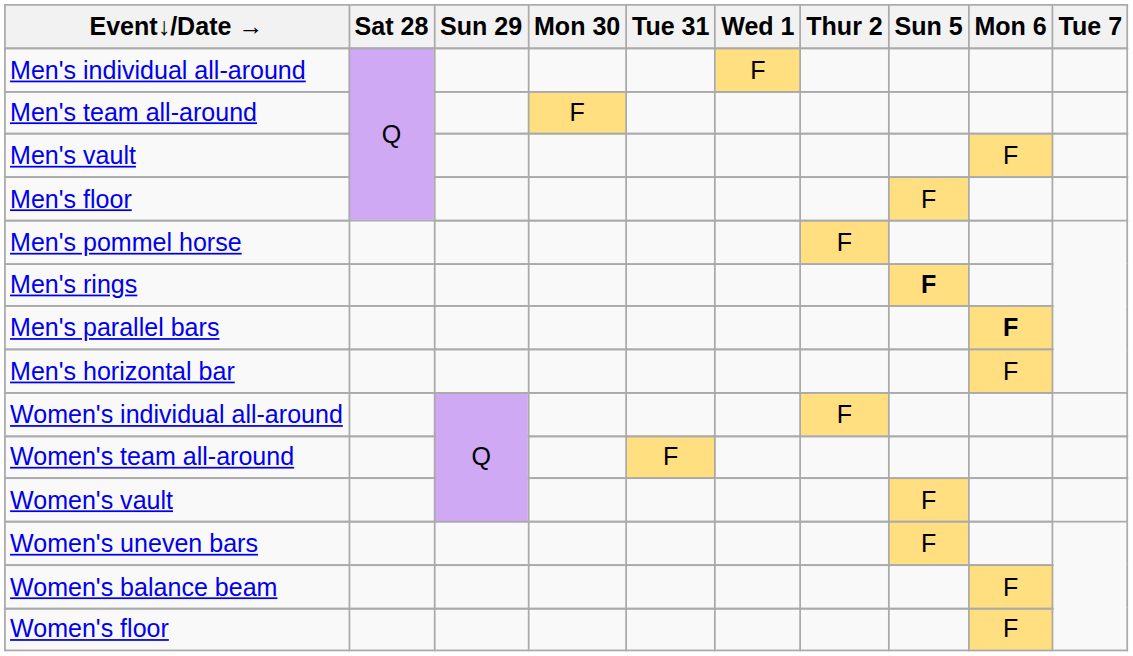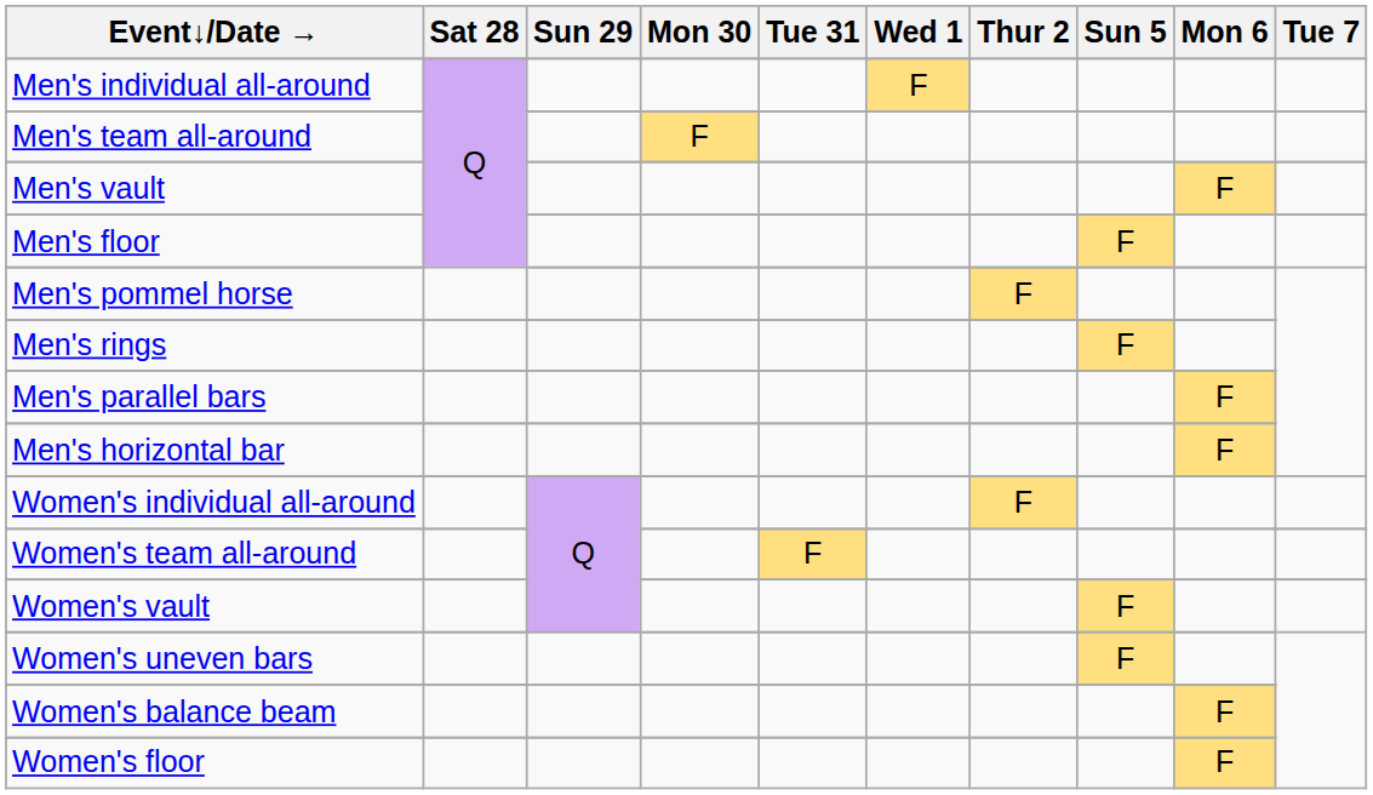 <table class="wikitable" style="margin:0.5em auto; font-size:90%; line-height:1.25em;">
 <tr align="center">
 <th>Event↓/Date →</th>
 <th>Sat 28</th>
 <th>Sun 29</th>
 <th>Mon 30</th>
 <th>Tue 31</th>
 <th>Wed 1</th>
 <th>Thur 2</th>
 <th>Sun 5</th>
 <th>Mon 6</th>
 <th>Tue 7</th>
 </tr>
 <tr>
 </tr>
 <tr align="center">
 <td align="left"><a href='#'>Men's individual all-around</a></td>
 <td rowspan=8 bgcolor="#D0A9F5">Q</td>
 <td></td>
 <td></td>
 <td></td>
 <td bgcolor="#FFDF80">F</td>
 <td></td>
 <td></td>
 <td></td>
 <td></td>
 </tr>
 <tr>
 </tr>
 <tr align="center">
 <td align="left"><a href='#'>Men's team all-around</a></td>
 <td></td>
 <td bgcolor="#FFDF80">F</td>
 <td></td>
 <td></td>
 <td></td>
 <td></td>
 <td></td>
 <td></td>
 </tr>
 <tr>
 </tr>
 <tr align="center">
 <td align="left"><a href='#'>Men's vault</a></td>
 <td></td>
 <td></td>
 <td></td>
 <td></td>
 <td></td>
 <td></td>
 <td bgcolor="#FFDF80">F</td>
 <td></td>
 </tr>
 <tr>
 </tr>
 <tr align="center">
 <td align="left"><a href='#'>Men's floor</a></td>
 <td></td>
 <td></td>
 <td></td>
 <td></td>
 <td></td>
 <td bgcolor="#FFDF80">F</td>
 <td></td>
 <td></td>
 </tr>
 <tr>
 </tr>
 <tr align="center">
 <td align="left"><a href='#'>Men's pommel horse</a></td>
 <td></td>
 <td></td>
 <td></td>
 <td></td>
 <td></td>
 <td bgcolor="#FFDF80">F</td>
 <td></td>
 <td></td>
 </tr>
 <tr>
 </tr>
 <tr align="center">
 <td align="left"><a href='#'>Men's rings</a></td>
 <td></td>
 <td></td>
 <td></td>
 <td></td>
 <td></td>
 <td></td>
-<td bgcolor="#FFDF80"><strong>F</strong></td>
+<td bgcolor="#FFDF80">F</td>
 <td></td>
 </tr>
 <tr>
 </tr>
 <tr align="center">
 <td align="left"><a href='#'>Men's parallel bars</a></td>
 <td></td>
 <td></td>
 <td></td>
 <td></td>
 <td></td>
 <td></td>
 <td></td>
-<td bgcolor="#FFDF80"><strong>F</strong></td>
+<td bgcolor="#FFDF80">F</td>
 </tr>
 <tr>
 </tr>
 <tr align="center">
 <td align="left"><a href='#'>Men's horizontal bar</a></td>
 <td></td>
 <td></td>
 <td></td>
 <td></td>
 <td></td>
 <td></td>
 <td></td>
 <td bgcolor="#FFDF80">F</td>
 </tr>
 <tr>
 </tr>
 <tr align="center">
 <td align="left"><a href='#'>Women's individual all-around</a></td>
 <td></td>
 <td rowspan=6 bgcolor="#D0A9F5">Q</td>
 <td></td>
 <td></td>
 <td></td>
 <td bgcolor="#FFDF80">F</td>
 <td></td>
 <td></td>
 <td></td>
 </tr>
 <tr>
 </tr>
 <tr align="center">
 <td align="left"><a href='#'>Women's team all-around</a></td>
 <td></td>
 <td></td>
 <td bgcolor="#FFDF80">F</td>
 <td></td>
 <td></td>
 <td></td>
 <td></td>
 <td></td>
 </tr>
 <tr>
 </tr>
 <tr align="center">
 <td align="left"><a href='#'>Women's vault</a></td>
 <td></td>
 <td></td>
 <td></td>
 <td></td>
 <td></td>
 <td bgcolor="#FFDF80">F</td>
 <td></td>
 <td></td>
 </tr>
 <tr>
 </tr>
 <tr align="center">
 <td align="left"><a href='#'>Women's uneven bars</a></td>
 <td></td>
 <td></td>
 <td></td>
 <td></td>
 <td></td>
 <td></td>
 <td bgcolor="#FFDF80">F</td>
 <td></td>
 </tr>
 <tr>
 </tr>
 <tr align="center">
 <td align="left"><a href='#'>Women's balance beam</a></td>
 <td></td>
 <td></td>
 <td></td>
 <td></td>
 <td></td>
 <td></td>
 <td></td>
 <td bgcolor="#FFDF80">F</td>
 </tr>
 <tr>
 </tr>
 <tr align="center">
 <td align="left"><a href='#'>Women's floor</a></td>
 <td></td>
 <td></td>
 <td></td>
 <td></td>
 <td></td>
 <td></td>
 <td></td>
 <td bgcolor="#FFDF80">F</td>
 </tr>
 </table>
